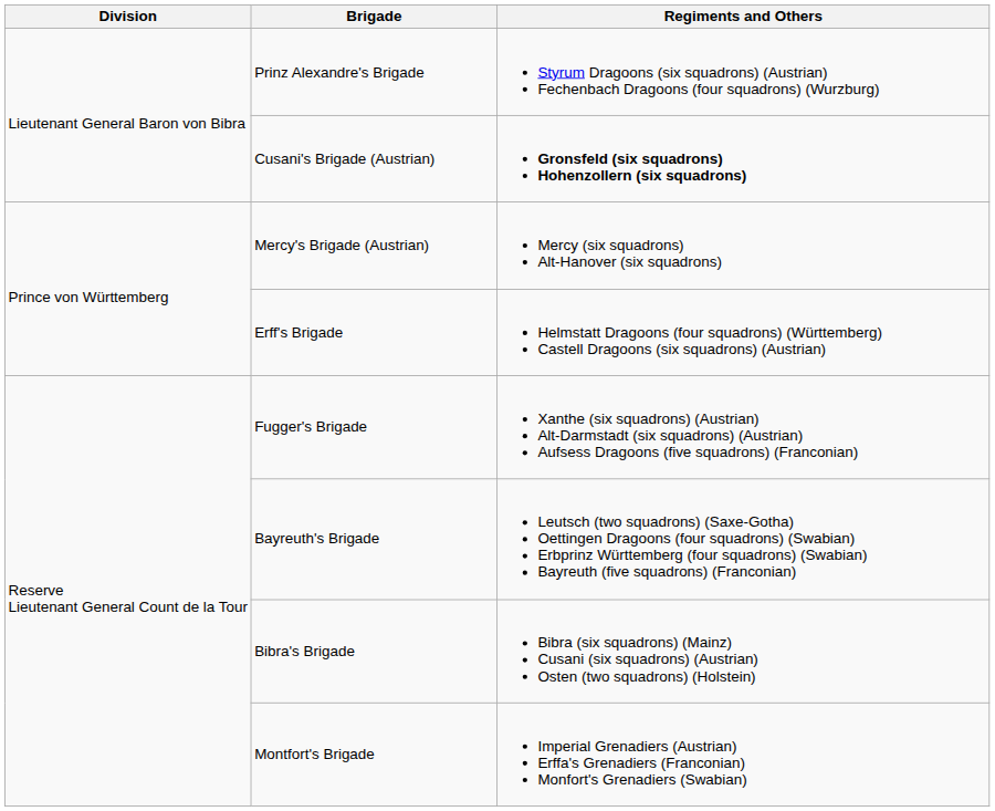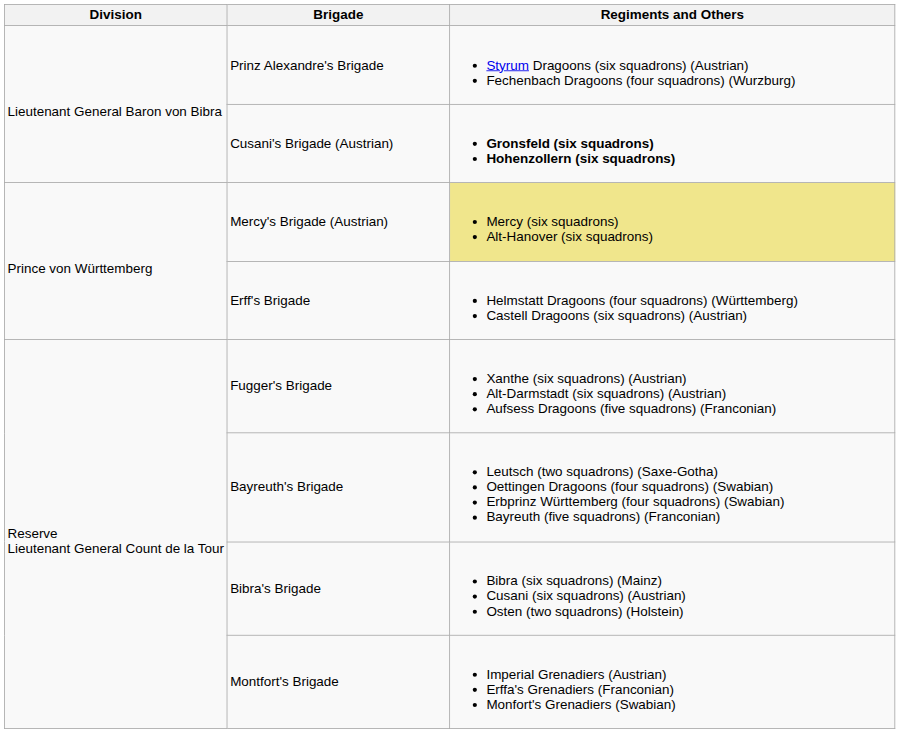 <table class="wikitable">
 <tr>
 <th width=25%>Division</th>
 <th width=25%>Brigade</th>
 <th>Regiments and Others</th>
 </tr>
 <tr>
 <td rowspan=2><br>Lieutenant General Baron von Bibra</td>
 <td>Prinz Alexandre's Brigade</td>
 <td><br><ul><li><a href='#'>Styrum</a> Dragoons (six squadrons) (Austrian)</li><li>Fechenbach Dragoons (four squadrons) (Wurzburg)</li></ul></td>
 </tr>
 <tr>
 <td>Cusani's Brigade (Austrian)</td>
 <td><strong><br><ul><li>Gronsfeld (six squadrons)</li><li>Hohenzollern (six squadrons)</li></ul></strong></td>
 </tr>
 <tr>
 <td rowspan=2><br>Prince von Württemberg</td>
 <td>Mercy's Brigade (Austrian)</td>
-<td><br><ul><li>Mercy (six squadrons)</li><li>Alt-Hanover (six squadrons)</li></ul></td>
+<td style="background: khaki;"><br><ul><li>Mercy (six squadrons)</li><li>Alt-Hanover (six squadrons)</li></ul></td>
 </tr>
 <tr>
 <td>Erff's Brigade</td>
 <td><br><ul><li>Helmstatt Dragoons (four squadrons) (Württemberg)</li><li>Castell Dragoons (six squadrons) (Austrian)</li></ul></td>
 </tr>
 <tr>
 <td rowspan=4><br>Reserve <br> Lieutenant General Count de la Tour</td>
 <td>Fugger's Brigade</td>
 <td><br><ul><li>Xanthe (six squadrons) (Austrian)</li><li>Alt-Darmstadt (six squadrons) (Austrian)</li><li>Aufsess Dragoons (five squadrons) (Franconian)</li></ul></td>
 </tr>
 <tr>
 <td>Bayreuth's Brigade</td>
 <td><br><ul><li>Leutsch (two squadrons) (Saxe-Gotha)</li><li>Oettingen Dragoons (four squadrons) (Swabian)</li><li>Erbprinz Württemberg (four squadrons) (Swabian)</li><li>Bayreuth (five squadrons) (Franconian)</li></ul></td>
 </tr>
 <tr>
 <td>Bibra's Brigade</td>
 <td><br><ul><li>Bibra (six squadrons) (Mainz)</li><li>Cusani (six squadrons) (Austrian)</li><li>Osten (two squadrons) (Holstein)</li></ul></td>
 </tr>
 <tr>
 <td>Montfort's Brigade</td>
 <td><br><ul><li>Imperial Grenadiers (Austrian)</li><li>Erffa's Grenadiers (Franconian)</li><li>Monfort's Grenadiers (Swabian)</li></ul></td>
 </tr>
 </table>
